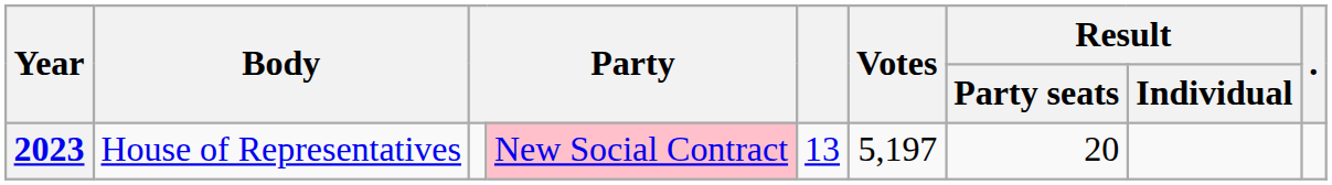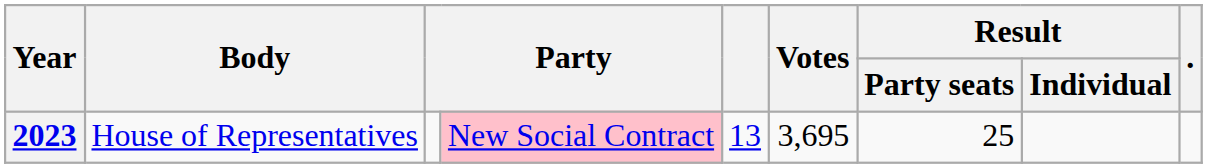 <table class="wikitable plainrowheaders sortable" border=2 cellpadding=4 cellspacing=0 style="border: 1px #aaa solid; font-size: 90%; text-align:center;">
 <tr>
 <th scope="col" rowspan=2>Year</th>
 <th scope="col" rowspan=2>Body</th>
 <th scope="col" colspan=2 rowspan=2>Party</th>
 <th scope="col" rowspan=2></th>
 <th scope="col" rowspan=2>Votes</th>
 <th scope="colgroup" colspan=2>Result</th>
 <th scope="col" rowspan=2 class="unsortable">.</th>
 </tr>
 <tr>
 <th scope="col">Party seats</th>
 <th scope="col">Individual</th>
 </tr>
 <tr>
 <th scope="row"><a href='#'>2023</a></th>
 <td><a href='#'>House of Representatives</a></td>
 <td style="background-color:"></td>
 <td style="background: pink;"><a href='#'>New Social Contract</a></td>
 <td style=text-align:right><a href='#'>13</a></td>
-<td style=text-align:right>5,197</td>
-<td style=text-align:right>20</td>
+<td style=text-align:right>3,695</td>
+<td style=text-align:right>25</td>
 <td></td>
 <td></td>
 </tr>
 </table>
